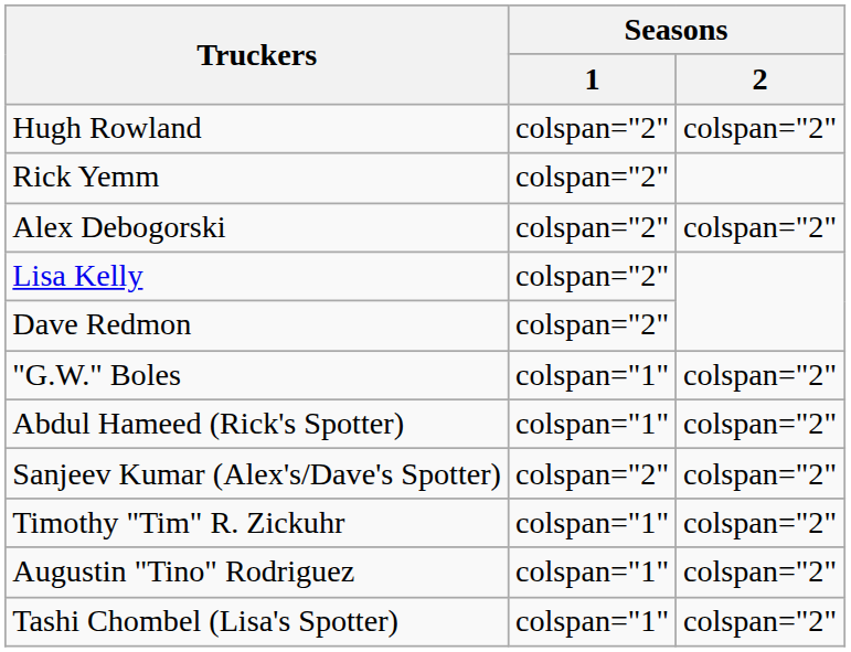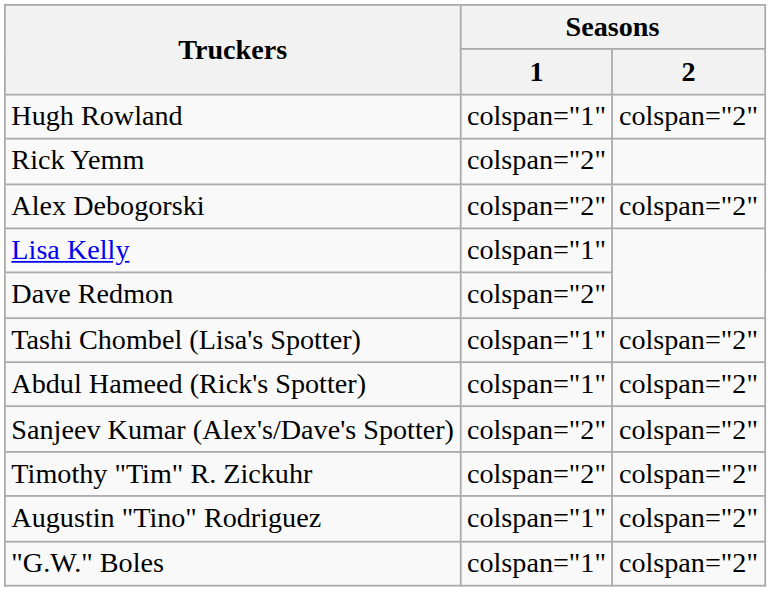 <table class="wikitable">
 <tr>
 <th rowspan="2">Truckers</th>
 <th colspan="2">Seasons</th>
 </tr>
 <tr>
 <th>1</th>
 <th>2</th>
 </tr>
 <tr>
 <td>Hugh Rowland</td>
-<td>colspan="2" </td>
+<td>colspan="1" </td>
 <td>colspan="2" </td>
 </tr>
 <tr>
 <td>Rick Yemm</td>
 <td>colspan="2" </td>
 </tr>
 <tr>
 <td>Alex Debogorski</td>
 <td>colspan="2" </td>
 <td>colspan="2" </td>
 </tr>
 <tr>
 <td><a href='#'>Lisa Kelly</a></td>
-<td>colspan="2" </td>
+<td>colspan="1" </td>
 </tr>
 <tr>
 <td>Dave Redmon</td>
 <td>colspan="2" </td>
 </tr>
 <tr>
-<td>"G.W." Boles</td>
+<td>Tashi Chombel (Lisa's Spotter)</td>
 <td>colspan="1" </td>
 <td>colspan="2" </td>
 </tr>
 <tr>
 <td>Abdul Hameed (Rick's Spotter)</td>
 <td>colspan="1" </td>
 <td>colspan="2" </td>
 </tr>
 <tr>
 <td>Sanjeev Kumar (Alex's/Dave's Spotter)</td>
 <td>colspan="2" </td>
 <td>colspan="2" </td>
 </tr>
 <tr>
 <td>Timothy "Tim" R. Zickuhr</td>
-<td>colspan="1" </td>
+<td>colspan="2" </td>
 <td>colspan="2" </td>
 </tr>
 <tr>
 <td>Augustin "Tino" Rodriguez</td>
 <td>colspan="1" </td>
 <td>colspan="2" </td>
 </tr>
 <tr>
-<td>Tashi Chombel (Lisa's Spotter)</td>
+<td>"G.W." Boles</td>
 <td>colspan="1" </td>
 <td>colspan="2" </td>
 </tr>
 </table>
